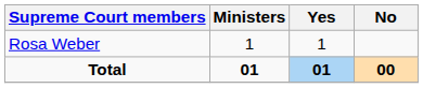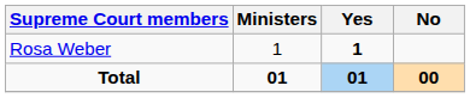 <table class="wikitable">
 <tr>
 <th><a href='#'>Supreme Court members</a></th>
 <th width="55pt">Ministers</th>
 <th width="55pt">Yes</th>
 <th width="55pt">No</th>
 </tr>
 <tr>
 <td align="left"><a href='#'>Rosa Weber</a></td>
 <td align="center">1</td>
-<td align="center">1</td>
+<td align="center"><strong>1</strong></td>
 <td align="center"></td>
 </tr>
 <tr>
 <td align="center"><strong>Total</strong></td>
 <td align="center"><strong>01</strong></td>
 <td align="center" bgcolor="#abd5f5"><strong>01</strong></td>
 <td align="center" bgcolor="#FFDEAD"><strong>00</strong></td>
 </tr>
 <tr>
 </tr>
 </table>
